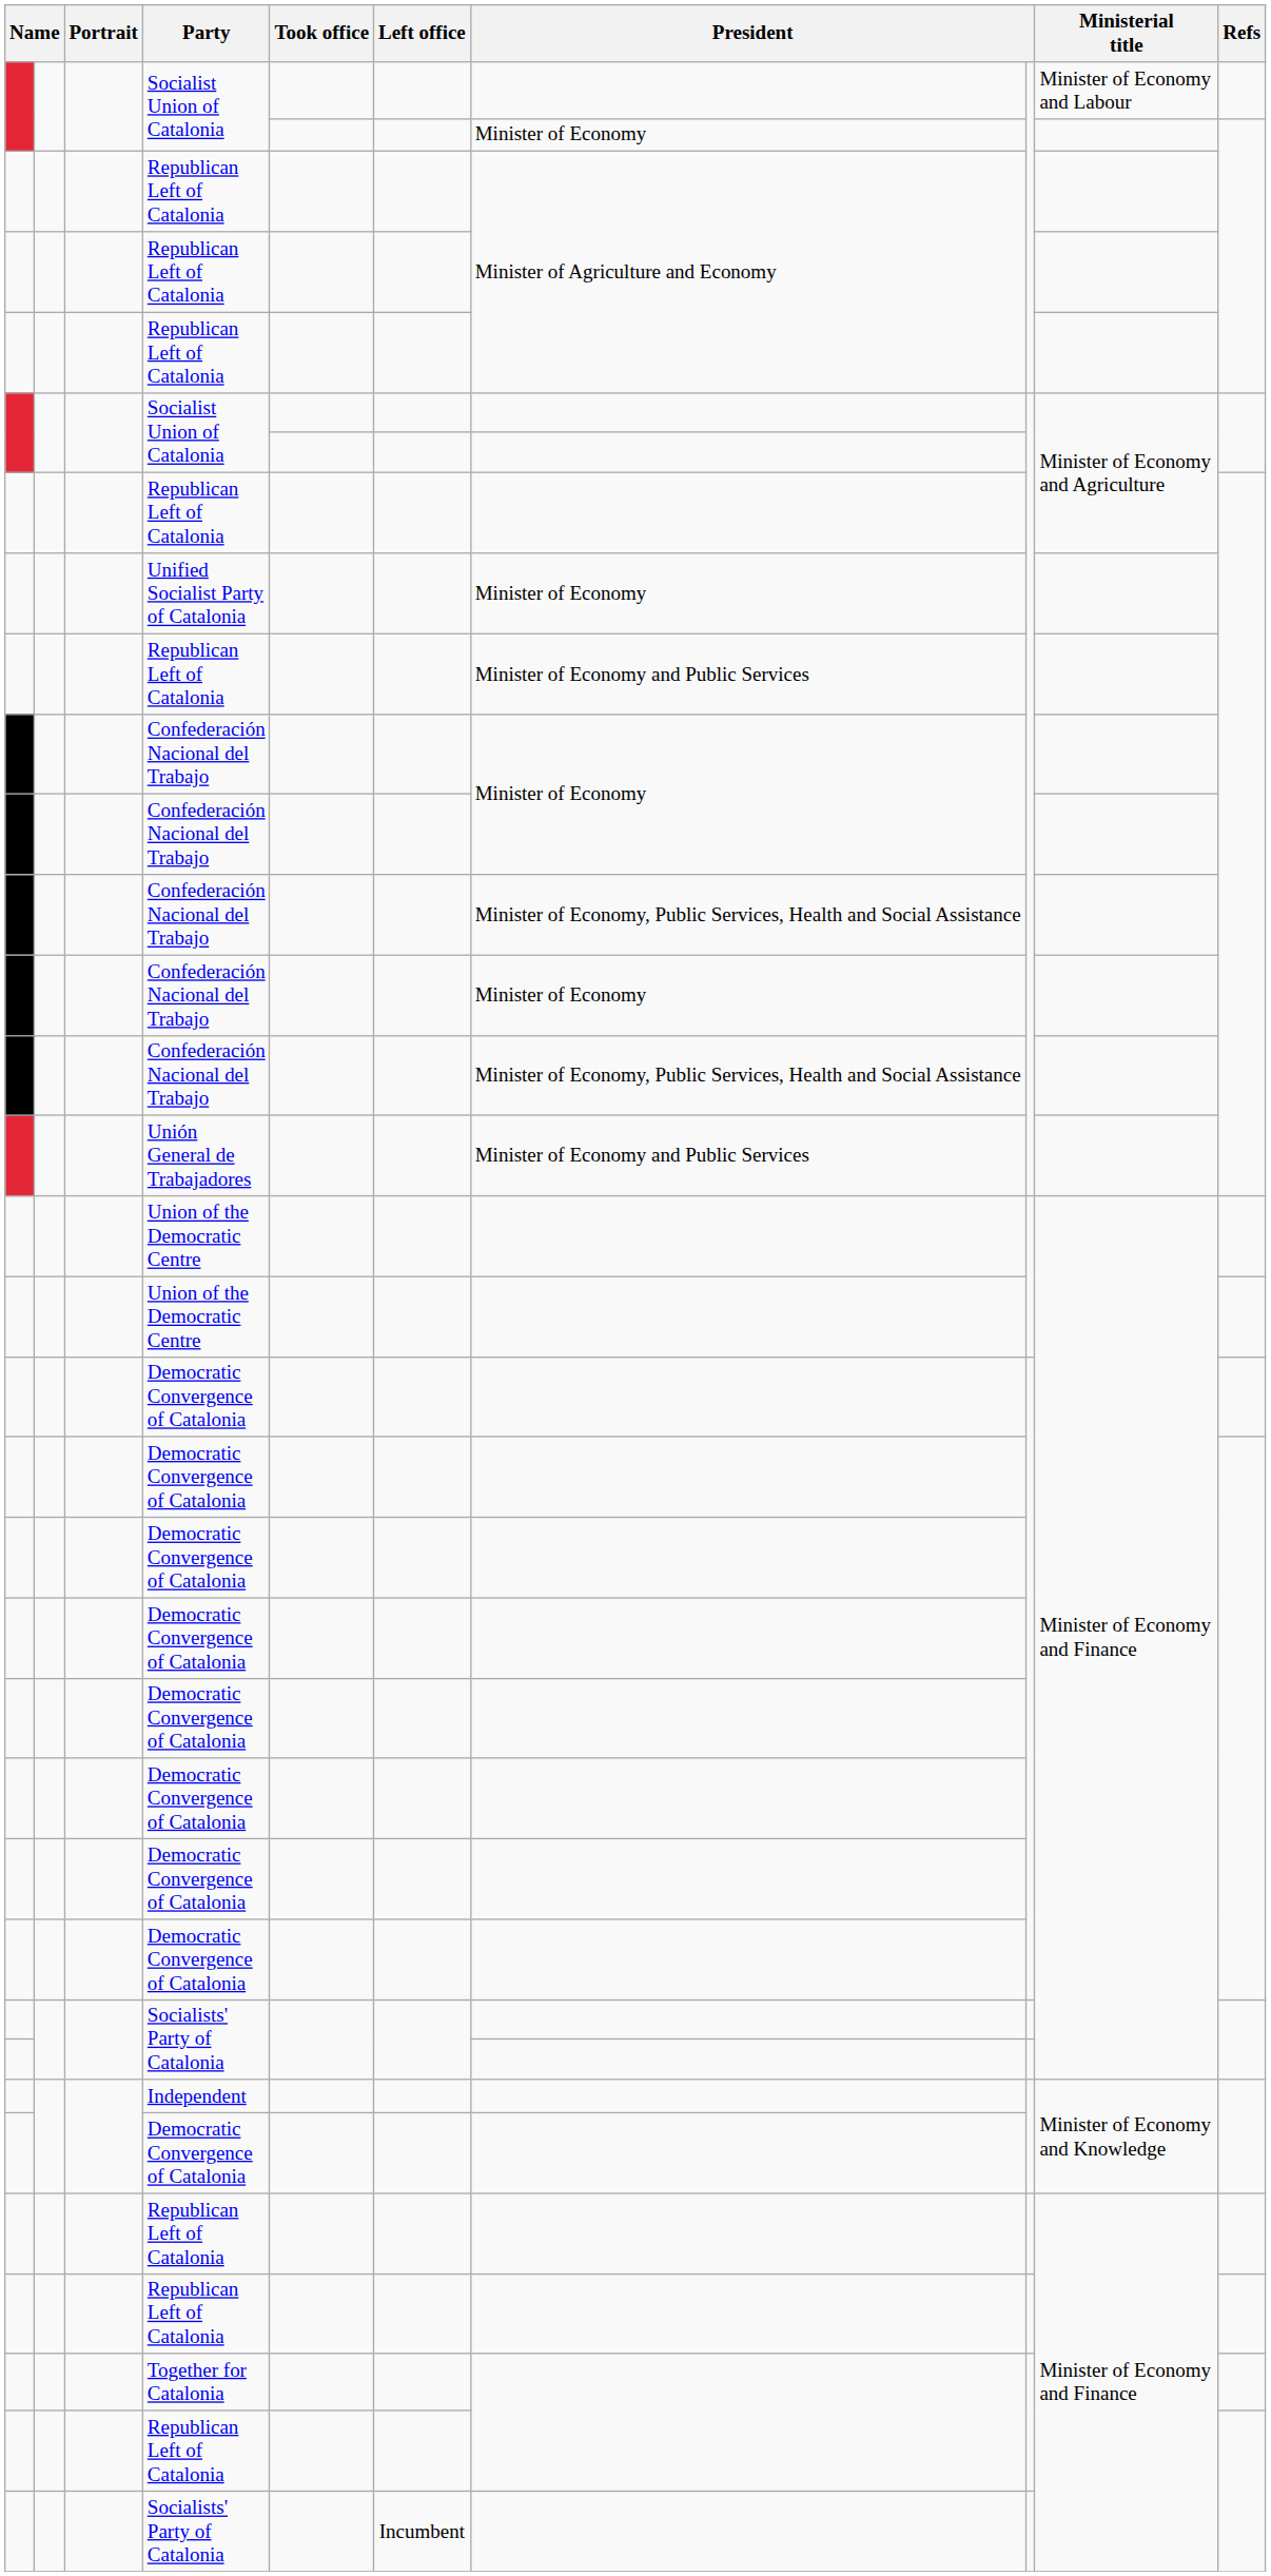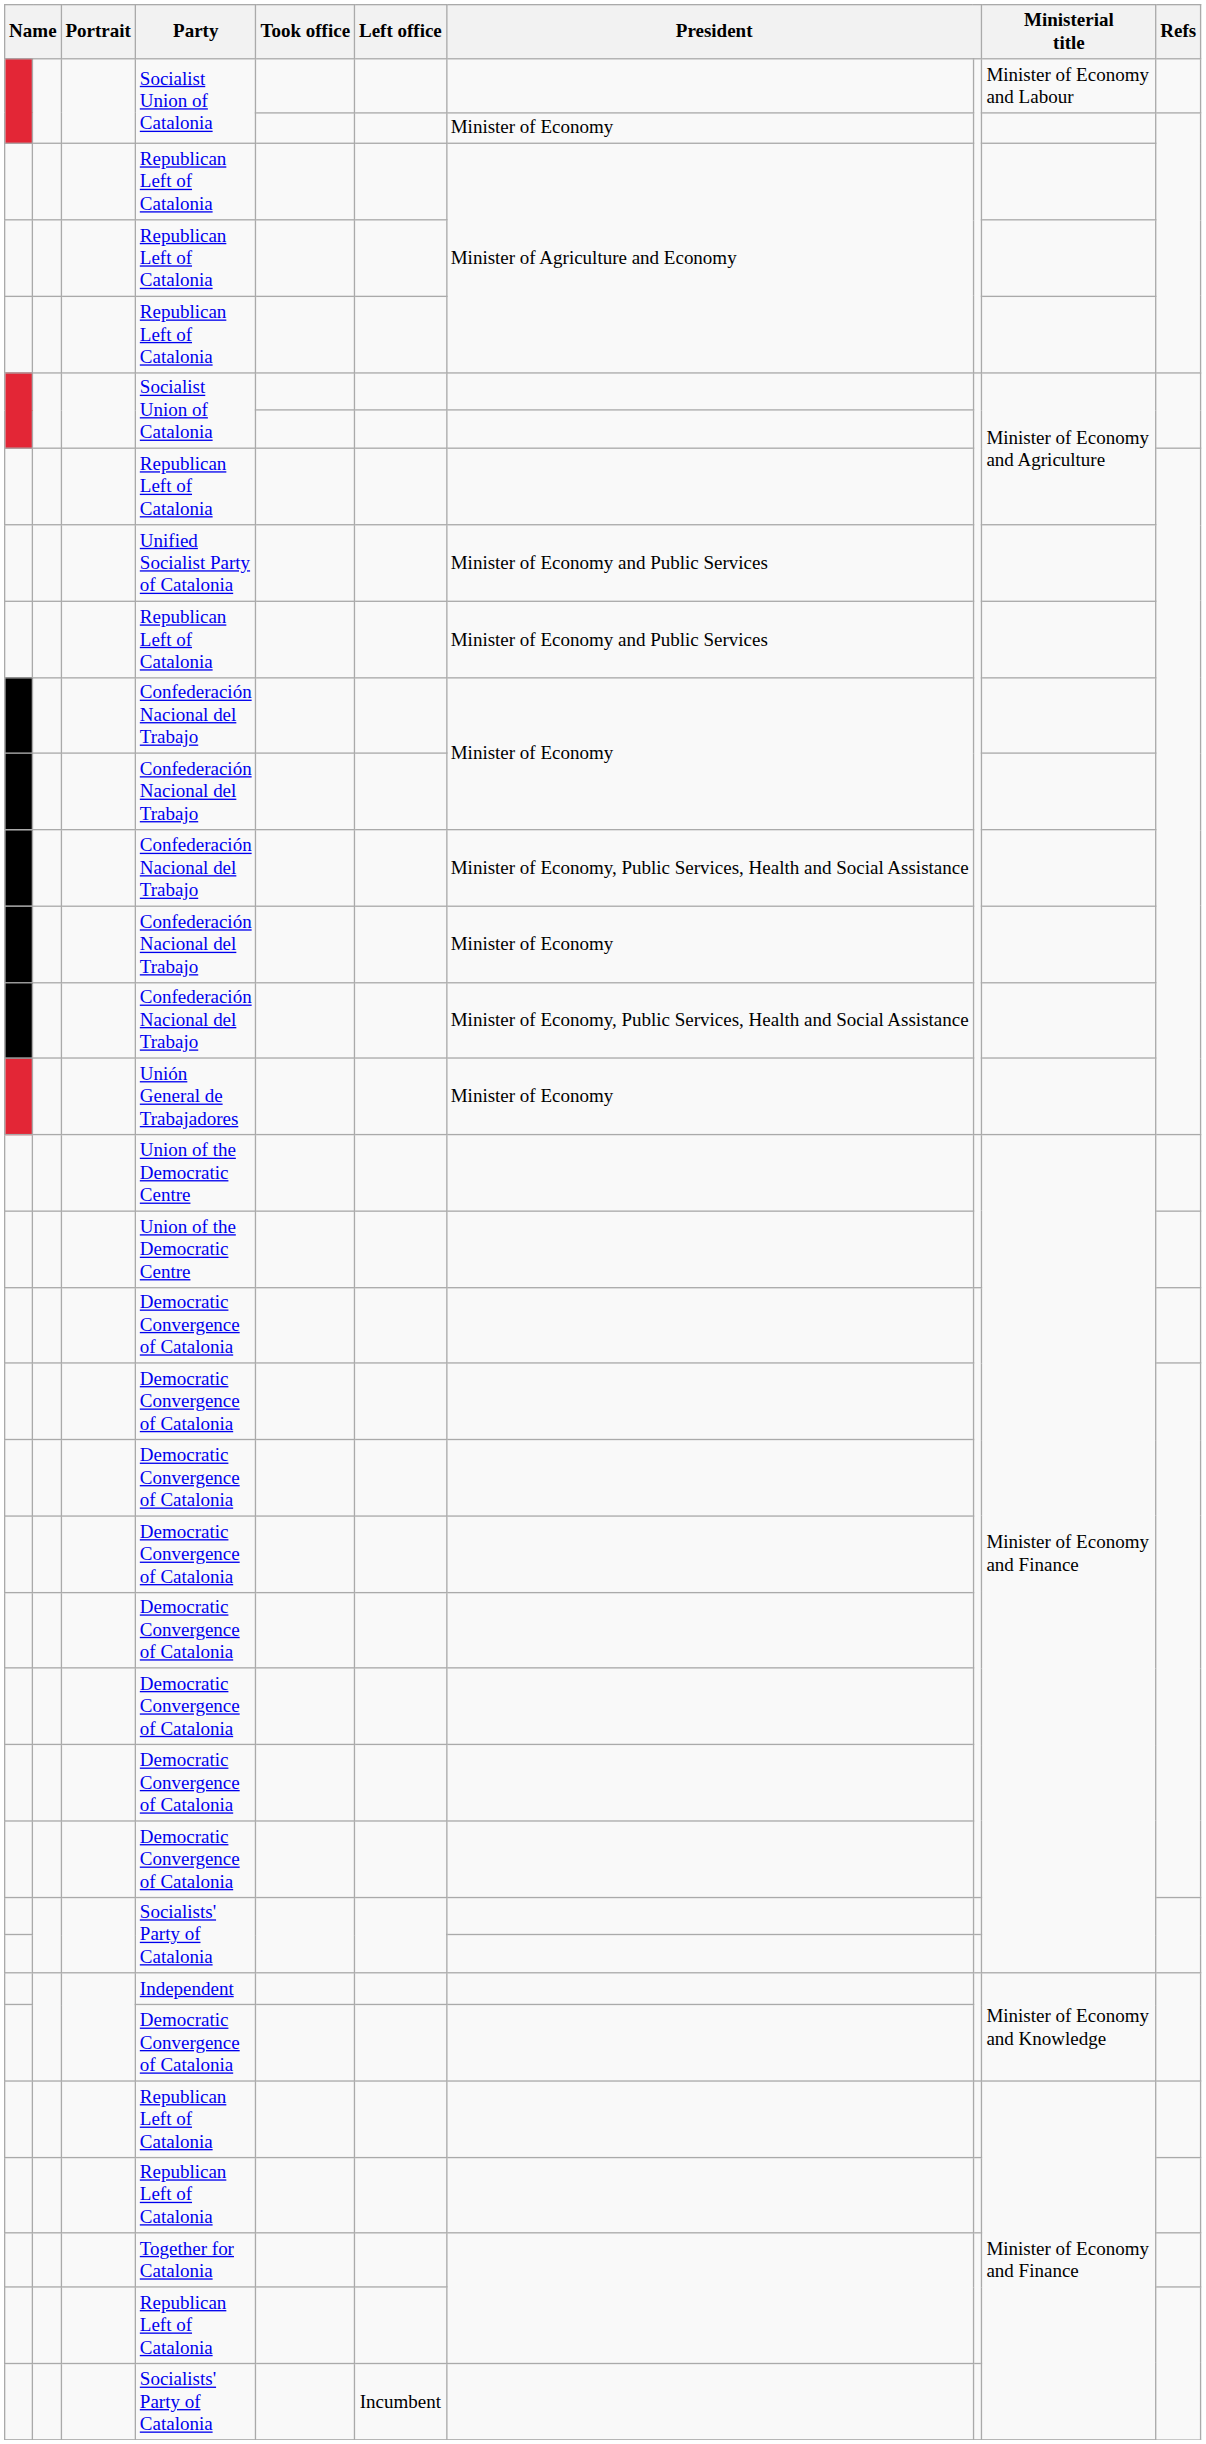 <table class="wikitable plainrowheaders sortable" style="font-size:90%; text-align:left;">
 <tr>
 <th scope=col colspan="2">Name</th>
 <th scope=col class=unsortable>Portrait</th>
 <th scope=col width=50px>Party</th>
 <th scope=col>Took office</th>
 <th scope=col>Left office</th>
 <th scope=col colspan="2">President</th>
 <th width=125px>Ministerial<br>title</th>
 <th scope=col width=25px class=unsortable>Refs</th>
 </tr>
 <tr>
 <td !style="width: 5px" bgcolor="#E32636" align="center" rowspan=2></td>
 <td rowspan=2></td>
 <td align=center rowspan=2></td>
 <td rowspan=2><a href='#'>Socialist Union of Catalonia</a></td>
 <td align=center></td>
 <td align=center></td>
 <td !align="center" style="background:"></td>
 <td rowspan=5></td>
 <td>Minister of Economy and Labour</td>
 <td align=center></td>
 </tr>
 <tr>
 <td align=center></td>
 <td align=center></td>
 <td>Minister of Economy</td>
 <td align=center></td>
 </tr>
 <tr>
 <td !align="center" style="background:"></td>
 <td></td>
 <td align=center></td>
 <td><a href='#'>Republican Left of Catalonia</a></td>
 <td align=center></td>
 <td align=center></td>
 <td rowspan=3>Minister of Agriculture and Economy</td>
 <td align=center></td>
 </tr>
 <tr>
 <td !align="center" style="background:"></td>
 <td></td>
 <td align=center></td>
 <td><a href='#'>Republican Left of Catalonia</a></td>
 <td align=center></td>
 <td align=center></td>
 <td align=center></td>
 </tr>
 <tr>
 <td !align="center" style="background:"></td>
 <td></td>
 <td align=center></td>
 <td><a href='#'>Republican Left of Catalonia</a></td>
 <td align=center></td>
 <td align=center></td>
 <td align=center></td>
 </tr>
 <tr>
 <td !style="width: 5px" bgcolor="#E32636" align="center" rowspan=2></td>
 <td rowspan=2></td>
 <td align=center  rowspan=2></td>
 <td rowspan=2><a href='#'>Socialist Union of Catalonia</a></td>
 <td align=center></td>
 <td align=center></td>
 <td !align="center" style="background:"></td>
 <td rowspan=11></td>
 <td rowspan=3>Minister of Economy and Agriculture</td>
 <td align=center rowspan=2></td>
 </tr>
 <tr>
 <td align=center></td>
 <td align=center></td>
 </tr>
 <tr>
 <td !align="center" style="background:"></td>
 <td></td>
 <td align=center></td>
 <td><a href='#'>Republican Left of Catalonia</a></td>
 <td align=center></td>
 <td align=center></td>
 <td align=center></td>
 </tr>
 <tr>
 <td !align="center" style="background:"></td>
 <td></td>
 <td align=center></td>
 <td><a href='#'>Unified Socialist Party of Catalonia</a></td>
 <td align=center></td>
 <td align=center></td>
-<td>Minister of Economy</td>
+<td>Minister of Economy and Public Services</td>
 <td align=center></td>
 </tr>
 <tr>
 <td !align="center" style="background:"></td>
 <td></td>
 <td align=center></td>
 <td><a href='#'>Republican Left of Catalonia</a></td>
 <td align=center></td>
 <td align=center></td>
 <td>Minister of Economy and Public Services</td>
 <td align=center></td>
 </tr>
 <tr>
 <td !style="width: 5px" bgcolor=#000000 align="center"></td>
 <td></td>
 <td align=center></td>
 <td><a href='#'>Confederación Nacional del Trabajo</a></td>
 <td align=center></td>
 <td align=center></td>
 <td rowspan=2>Minister of Economy</td>
 <td align=center></td>
 </tr>
 <tr>
 <td !style="width: 5px" bgcolor=#000000 align="center"></td>
 <td></td>
 <td align=center></td>
 <td><a href='#'>Confederación Nacional del Trabajo</a></td>
 <td align=center></td>
 <td align=center></td>
 <td align=center></td>
 </tr>
 <tr>
 <td !style="width: 5px" bgcolor=#000000 align="center"></td>
 <td></td>
 <td align=center></td>
 <td><a href='#'>Confederación Nacional del Trabajo</a></td>
 <td align=center></td>
 <td align=center></td>
 <td>Minister of Economy, Public Services, Health and Social Assistance</td>
 <td align=center></td>
 </tr>
 <tr>
 <td !style="width: 5px" bgcolor=#000000 align="center"></td>
 <td></td>
 <td align=center></td>
 <td><a href='#'>Confederación Nacional del Trabajo</a></td>
 <td align=center></td>
 <td align=center></td>
 <td>Minister of Economy</td>
 <td align=center></td>
 </tr>
 <tr>
 <td !style="width: 5px" bgcolor=#000000 align="center"></td>
 <td></td>
 <td align=center></td>
 <td><a href='#'>Confederación Nacional del Trabajo</a></td>
 <td align=center></td>
 <td align=center></td>
 <td>Minister of Economy, Public Services, Health and Social Assistance</td>
 <td align=center></td>
 </tr>
 <tr>
 <td !style="width: 5px" bgcolor="#e32636" align="center"></td>
 <td></td>
 <td align=center></td>
 <td><a href='#'>Unión General de Trabajadores</a></td>
 <td align=center></td>
 <td align=center></td>
-<td>Minister of Economy and Public Services</td>
+<td>Minister of Economy</td>
 <td align=center></td>
 </tr>
 <tr>
 <td !align="center" style="background:"></td>
 <td></td>
 <td align=center></td>
 <td><a href='#'>Union of the Democratic Centre</a></td>
 <td align=center></td>
 <td align=center></td>
 <td !align="center" style="background:"></td>
 <td rowspan=2></td>
 <td rowspan=12>Minister of Economy and Finance</td>
 <td align=center></td>
 </tr>
 <tr>
 <td !align="center" style="background:"></td>
 <td></td>
 <td align=center></td>
 <td><a href='#'>Union of the Democratic Centre</a></td>
 <td align=center></td>
 <td align=center></td>
 <td align=center></td>
 </tr>
 <tr>
 <td !align="center" style="background:"></td>
 <td></td>
 <td align=center></td>
 <td><a href='#'>Democratic Convergence of Catalonia</a></td>
 <td align=center></td>
 <td align=center></td>
 <td !align="center" style="background:"></td>
 <td rowspan=8></td>
 <td align=center></td>
 </tr>
 <tr>
 <td !align="center" style="background:"></td>
 <td></td>
 <td align=center></td>
 <td><a href='#'>Democratic Convergence of Catalonia</a></td>
 <td align=center></td>
 <td align=center></td>
 <td align=center></td>
 </tr>
 <tr>
 <td !align="center" style="background:"></td>
 <td></td>
 <td align=center></td>
 <td><a href='#'>Democratic Convergence of Catalonia</a></td>
 <td align=center></td>
 <td align=center></td>
 <td align=center></td>
 </tr>
 <tr>
 <td !align="center" style="background:"></td>
 <td></td>
 <td align=center></td>
 <td><a href='#'>Democratic Convergence of Catalonia</a></td>
 <td align=center></td>
 <td align=center></td>
 <td align=center></td>
 </tr>
 <tr>
 <td !align="center" style="background:"></td>
 <td></td>
 <td align=center></td>
 <td><a href='#'>Democratic Convergence of Catalonia</a></td>
 <td align=center></td>
 <td align=center></td>
 <td align=center></td>
 </tr>
 <tr>
 <td !align="center" style="background:"></td>
 <td></td>
 <td align=center></td>
 <td><a href='#'>Democratic Convergence of Catalonia</a></td>
 <td align=center></td>
 <td align=center></td>
 <td align=center></td>
 </tr>
 <tr>
 <td !align="center" style="background:"></td>
 <td></td>
 <td align=center></td>
 <td><a href='#'>Democratic Convergence of Catalonia</a></td>
 <td align=center></td>
 <td align=center></td>
 <td align=center></td>
 </tr>
 <tr>
 <td !align="center" style="background:"></td>
 <td></td>
 <td align=center></td>
 <td><a href='#'>Democratic Convergence of Catalonia</a></td>
 <td align=center></td>
 <td align=center></td>
 <td align=center></td>
 </tr>
 <tr>
 <td !align="center" style="background:"></td>
 <td rowspan=2></td>
 <td align=center rowspan=2></td>
 <td rowspan=2><a href='#'>Socialists' Party of Catalonia</a></td>
 <td align=center rowspan=2></td>
 <td align=center rowspan=2></td>
 <td !align="center" style="background:"></td>
 <td></td>
 <td align=center rowspan=2></td>
 </tr>
 <tr>
 <td !align="center" style="background:"></td>
 <td></td>
 </tr>
 <tr>
 <td !align="center" style="background:"></td>
 <td rowspan=2></td>
 <td align=center rowspan=2></td>
 <td><a href='#'>Independent</a></td>
 <td align=center></td>
 <td align=center></td>
 <td !align="center" style="background:"></td>
 <td rowspan=2></td>
 <td rowspan=2>Minister of Economy and Knowledge</td>
 <td align=center rowspan=2></td>
 </tr>
 <tr>
 <td !align="center" style="background:"></td>
 <td><a href='#'>Democratic Convergence of Catalonia</a></td>
 <td align=center></td>
 <td align=center></td>
 </tr>
 <tr>
 <td !align="center" style="background:"></td>
 <td></td>
 <td align=center></td>
 <td><a href='#'>Republican Left of Catalonia</a></td>
 <td align=center></td>
 <td align=center></td>
 <td !align="center" style="background:"></td>
 <td></td>
 <td rowspan=5>Minister of Economy and Finance</td>
 <td align=center></td>
 </tr>
 <tr>
 <td !align="center" style="background:"></td>
 <td></td>
 <td align=center></td>
 <td><a href='#'>Republican Left of Catalonia</a></td>
 <td align=center></td>
 <td align=center></td>
 <td !align="center" style="background:"></td>
 <td></td>
 <td align=center></td>
 </tr>
 <tr>
 <td !align="center" style="background:"></td>
 <td></td>
 <td align=center></td>
 <td><a href='#'>Together for Catalonia</a></td>
 <td align=center></td>
 <td align=center></td>
 <td rowspan=2 !align="center" style="background:"></td>
 <td rowspan=2></td>
 <td align=center></td>
 </tr>
 <tr>
 <td !align="center" style="background:"></td>
 <td></td>
 <td align=center></td>
 <td><a href='#'>Republican Left of Catalonia</a></td>
 <td align=center></td>
 <td align=center></td>
 </tr>
 <tr>
 <td !align="center" style="background:"></td>
 <td></td>
 <td align=center></td>
 <td><a href='#'>Socialists' Party of Catalonia</a></td>
 <td align=center></td>
 <td align=center>Incumbent</td>
 <td !align="center" style="background:"></td>
 <td></td>
 </tr>
 <tr>
 </tr>
 </table>
